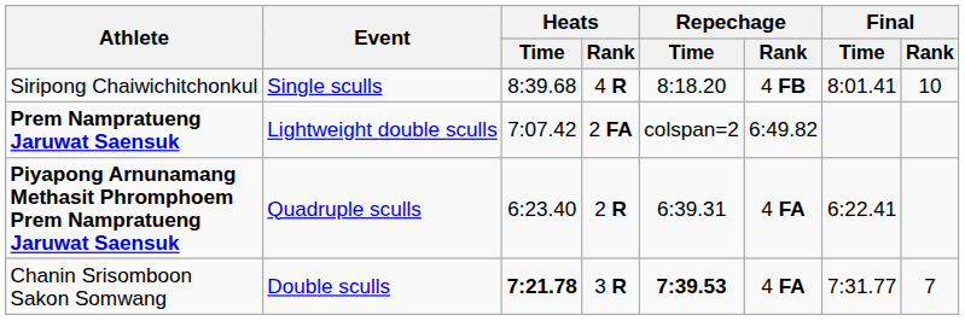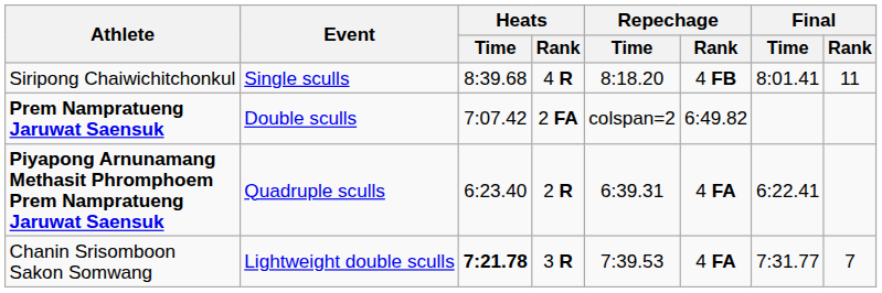 <table class=wikitable style=font-size:90%;text-align:center>
 <tr>
 <th rowspan=2>Athlete</th>
 <th rowspan=2>Event</th>
 <th colspan=2>Heats</th>
 <th colspan=2>Repechage</th>
 <th colspan=2>Final</th>
 </tr>
 <tr style="font-size:95%">
 <th>Time</th>
 <th>Rank</th>
 <th>Time</th>
 <th>Rank</th>
 <th>Time</th>
 <th>Rank</th>
 </tr>
 <tr>
 <td align=left>Siripong Chaiwichitchonkul</td>
 <td align=left><a href='#'>Single sculls</a></td>
 <td>8:39.68</td>
 <td>4 <strong>R</strong></td>
 <td>8:18.20</td>
 <td>4 <strong>FB</strong></td>
 <td>8:01.41</td>
-<td>10</td>
+<td>11</td>
 </tr>
 <tr>
 <td align=left><strong>Prem Nampratueng<br><a href='#'>Jaruwat Saensuk</a></strong></td>
-<td align=left><a href='#'>Lightweight double sculls</a></td>
+<td align=left><a href='#'>Double sculls</a></td>
 <td>7:07.42</td>
 <td>2 <strong>FA</strong></td>
 <td>colspan=2 </td>
 <td>6:49.82</td>
 <td></td>
 </tr>
 <tr>
 <td align=left><strong>Piyapong Arnunamang<br>Methasit Phromphoem<br>Prem Nampratueng<br><a href='#'>Jaruwat Saensuk</a></strong></td>
 <td align=left><a href='#'>Quadruple sculls</a></td>
 <td>6:23.40</td>
 <td>2 <strong>R</strong></td>
 <td>6:39.31</td>
 <td>4 <strong>FA</strong></td>
 <td>6:22.41</td>
 <td></td>
 </tr>
 <tr>
 <td align=left>Chanin Srisomboon<br>Sakon Somwang</td>
-<td align=left><a href='#'>Double sculls</a></td>
+<td align=left><a href='#'>Lightweight double sculls</a></td>
 <td><strong>7:21.78</strong></td>
 <td>3 <strong>R</strong></td>
-<td><strong>7:39.53</strong></td>
+<td>7:39.53</td>
 <td>4 <strong>FA</strong></td>
 <td>7:31.77</td>
 <td>7</td>
 </tr>
 </table>
